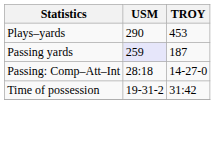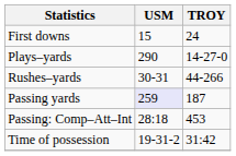 <table class="wikitable" style="float: left;">
 <tr>
 <th>Statistics</th>
 <th>USM</th>
 <th>TROY</th>
 </tr>
 <tr>
+<td>First downs</td>
+<td>15</td>
+<td>24</td>
+</tr>
+<tr>
 <td>Plays–yards</td>
 <td>290</td>
-<td>453</td>
+<td>14-27-0</td>
+</tr>
+<tr>
+<td>Rushes–yards</td>
+<td>30-31</td>
+<td>44-266</td>
 </tr>
 <tr>
 <td>Passing yards</td>
 <td style="background: lavender;">259</td>
 <td>187</td>
 </tr>
 <tr>
 <td>Passing: Comp–Att–Int</td>
 <td>28:18</td>
-<td>14-27-0</td>
+<td>453</td>
 </tr>
 <tr>
 <td>Time of possession</td>
 <td>19-31-2</td>
 <td>31:42</td>
 </tr>
 <tr>
 </tr>
 </table>
